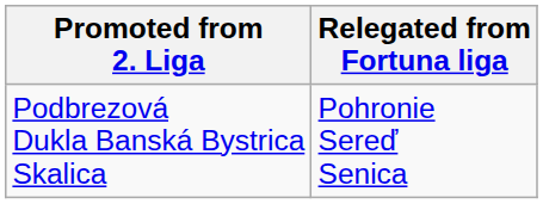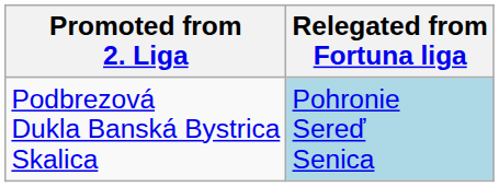 <table class="wikitable">
 <tr>
 <th>Promoted from<br><a href='#'>2. Liga</a></th>
 <th>Relegated from<br><a href='#'>Fortuna liga</a></th>
 </tr>
 <tr>
 <td><a href='#'>Podbrezová</a><br><a href='#'>Dukla Banská Bystrica</a><br><a href='#'>Skalica</a></td>
-<td><a href='#'>Pohronie</a><br><a href='#'>Sereď</a><br><a href='#'>Senica</a></td>
+<td style="background: lightblue;"><a href='#'>Pohronie</a><br><a href='#'>Sereď</a><br><a href='#'>Senica</a></td>
 </tr>
 </table>
